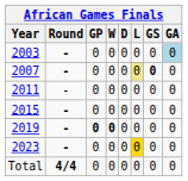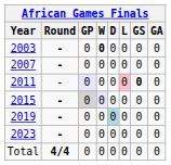 <table class="wikitable" style="text-align: center;">
 <tr>
 <th colspan=8><a href='#'>African Games Finals</a></th>
 </tr>
 <tr>
 <th>Year</th>
 <th>Round</th>
 <th>GP</th>
 <th>W</th>
 <th>D</th>
 <th>L</th>
 <th>GS</th>
 <th>GA</th>
 </tr>
 <tr>
 <td> <a href='#'>2003</a></td>
 <td><strong>-</strong></td>
 <td>0</td>
-<td>0</td>
-<td>0</td>
-<td>0</td>
-<td>0</td>
-<td style="background: lightblue;">0</td>
-</tr>
-<tr>
-<td> <a href='#'>2007</a></td>
-<td><strong>-</strong></td>
-<td>0</td>
-<td>0</td>
-<td>0</td>
-<td style="background: khaki;">0</td>
 <td><strong>0</strong></td>
-<td>0</td>
-</tr>
-<tr>
-<td> <a href='#'>2011</a></td>
-<td><em>-</em></td>
-<td>0</td>
-<td>0</td>
 <td>0</td>
 <td>0</td>
 <td>0</td>
 <td>0</td>
 </tr>
 <tr>
-<td> <a href='#'>2015</a></td>
+<td> <a href='#'>2007</a></td>
 <td><strong>-</strong></td>
 <td>0</td>
 <td>0</td>
 <td>0</td>
 <td>0</td>
 <td>0</td>
 <td>0</td>
 </tr>
 <tr>
+<td> <a href='#'>2011</a></td>
+<td><em>-</em></td>
+<td style="background: lavender;">0</td>
+<td>0</td>
+<td>0</td>
+<td style="background: pink;">0</td>
+<td><strong>0</strong></td>
+<td>0</td>
+</tr>
+<tr>
+<td> <a href='#'>2015</a></td>
+<td><strong>-</strong></td>
+<td style="background: lightgrey;">0</td>
+<td style="background: lavender;">0</td>
+<td>0</td>
+<td>0</td>
+<td>0</td>
+<td>0</td>
+</tr>
+<tr>
 <td> <a href='#'>2019</a></td>
 <td><strong>-</strong></td>
-<td><strong>0</strong></td>
-<td><strong>0</strong></td>
 <td>0</td>
+<td>0</td>
+<td style="background: lightblue;">0</td>
 <td>0</td>
 <td>0</td>
 <td>0</td>
 </tr>
 <tr>
 <td> <a href='#'>2023</a></td>
 <td><strong>-</strong></td>
 <td>0</td>
 <td>0</td>
 <td>0</td>
-<td style="background: gold;">0</td>
+<td>0</td>
 <td>0</td>
 <td>0</td>
 </tr>
 <tr>
 <td>Total</td>
 <td><strong>4/4</strong></td>
 <td>0</td>
 <td>0</td>
 <td>0</td>
 <td>0</td>
 <td>0</td>
 <td>0</td>
 </tr>
 </table>
